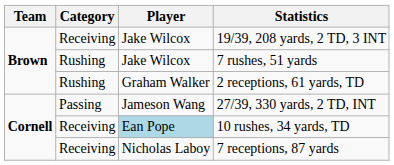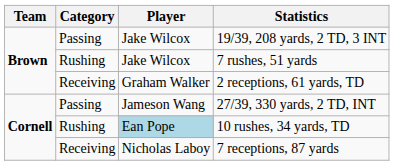 <table class="wikitable" style="float: left;">
 <tr>
 <th>Team</th>
 <th>Category</th>
 <th>Player</th>
 <th>Statistics</th>
 </tr>
 <tr>
 <td rowspan=3><strong>Brown</strong></td>
-<td>Receiving</td>
+<td>Passing</td>
 <td>Jake Wilcox</td>
 <td>19/39, 208 yards, 2 TD, 3 INT</td>
 </tr>
 <tr>
 <td>Rushing</td>
 <td>Jake Wilcox</td>
 <td>7 rushes, 51 yards</td>
 </tr>
 <tr>
-<td>Rushing</td>
+<td>Receiving</td>
 <td>Graham Walker</td>
 <td>2 receptions, 61 yards, TD</td>
 </tr>
 <tr>
 <td rowspan=3><strong>Cornell</strong></td>
 <td>Passing</td>
 <td>Jameson Wang</td>
 <td>27/39, 330 yards, 2 TD, INT</td>
 </tr>
 <tr>
-<td>Receiving</td>
+<td>Rushing</td>
 <td style="background: lightblue;">Ean Pope</td>
 <td>10 rushes, 34 yards, TD</td>
 </tr>
 <tr>
 <td>Receiving</td>
 <td>Nicholas Laboy</td>
 <td>7 receptions, 87 yards</td>
 </tr>
 </table>
